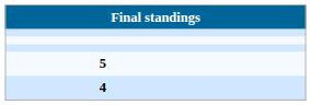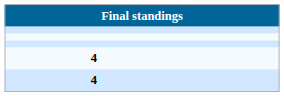 <table align=center cellpadding="4" cellspacing="0" style="background: #f9f9f9; border: 1px #aaa solid; border-collapse: collapse; font-size: 90%;" width=20%>
 <tr align=center bgcolor=#006699 style="color:white;">
 <th width=100% colspan=2>Final standings</th>
 </tr>
 <tr align=center bgcolor=#D0E7FF>
 <td></td>
 <td align=left></td>
 </tr>
 <tr align=center bgcolor=#F5FAFF>
 <td></td>
 <td align=left></td>
 </tr>
 <tr align=center bgcolor=#D0E7FF>
 <td></td>
 <td align=left></td>
 </tr>
 <tr align=center bgcolor=#F5FAFF>
-<td><strong>5</strong></td>
+<td><strong>4</strong></td>
 <td align=left></td>
 </tr>
 <tr align=center bgcolor=#D0E7FF>
 <td><strong>4</strong></td>
 <td align=left></td>
 </tr>
 </table>
